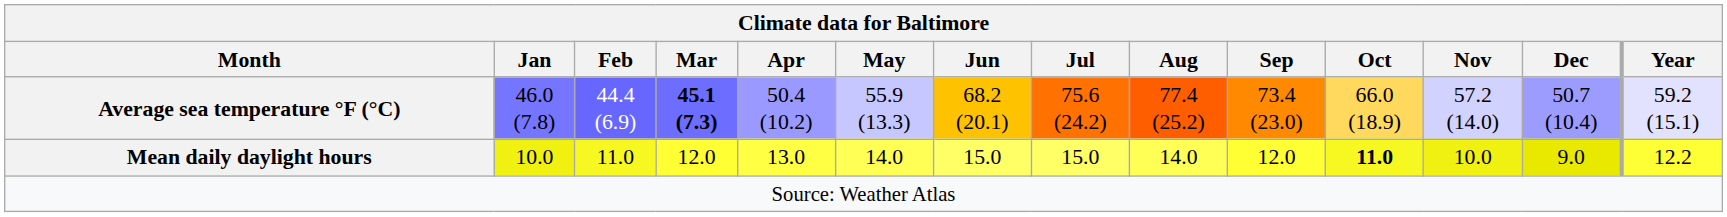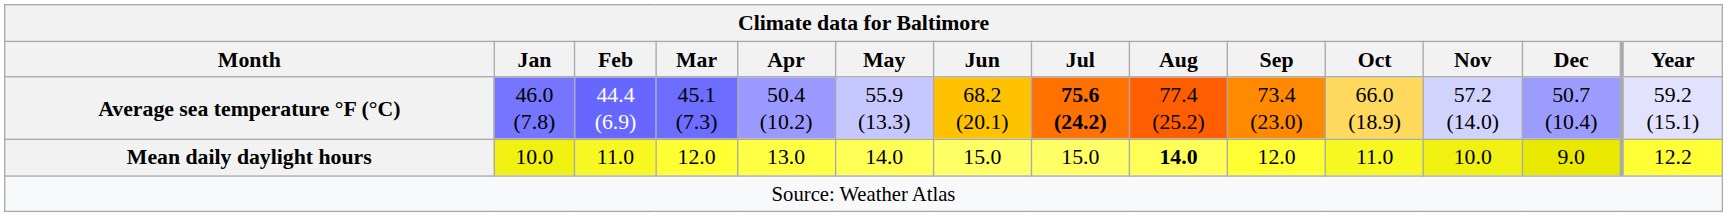 <table style="width:100%;text-align:center;line-height:1.2em;margin-left:auto;margin-right:auto" class="wikitable mw-collapsible mw-collapsed">
 <tr>
 <th Colspan=14>Climate data for Baltimore</th>
 </tr>
 <tr>
 <th>Month</th>
 <th>Jan</th>
 <th>Feb</th>
 <th>Mar</th>
 <th>Apr</th>
 <th>May</th>
 <th>Jun</th>
 <th>Jul</th>
 <th>Aug</th>
 <th>Sep</th>
 <th>Oct</th>
 <th>Nov</th>
 <th>Dec</th>
 <th style="border-left-width:medium">Year</th>
 </tr>
 <tr>
 <th>Average sea temperature °F (°C)</th>
 <td style="background:#7575FF;color:#000000;">46.0<br>(7.8)</td>
 <td style="background:#6767FF;color:#FFFFFF;">44.4<br>(6.9)</td>
-<td style="background:#6D6DFF;color:#000000;"><strong>45.1<br>(7.3)</strong></td>
+<td style="background:#6D6DFF;color:#000000;">45.1<br>(7.3)</td>
 <td style="background:#9999FF;color:#000000;">50.4<br>(10.2)</td>
 <td style="background:#C7C7FF;color:#000000;">55.9<br>(13.3)</td>
 <td style="background:#FFC200;color:#000000;">68.2<br>(20.1)</td>
-<td style="background:#FF7100;color:#000000;">75.6<br>(24.2)</td>
+<td style="background:#FF7100;color:#000000;"><strong>75.6<br>(24.2)</strong></td>
 <td style="background:#FF5E00;color:#000000;">77.4<br>(25.2)</td>
 <td style="background:#FF8900;color:#000000;">73.4<br>(23.0)</td>
 <td style="background:#FFD95D;color:#000000;">66.0<br>(18.9)</td>
 <td style="background:#D2D2FF;color:#000000;">57.2<br>(14.0)</td>
 <td style="background:#9C9CFF;color:#000000;">50.7<br>(10.4)</td>
 <td style="background:#E2E2FF;color:#000000;border-left-width:medium">59.2<br>(15.1)</td>
 </tr>
 <tr>
 <th>Mean daily daylight hours</th>
 <td style="background:#F0F011;color:#000000;">10.0</td>
 <td style="background:#F7F722;color:#000000;">11.0</td>
 <td style="background:#FFFF33;color:#000000;">12.0</td>
 <td style="background:#FFFF44;color:#000000;">13.0</td>
 <td style="background:#FFFF55;color:#000000;">14.0</td>
 <td style="background:#FFFF66;color:#000000;">15.0</td>
 <td style="background:#FFFF66;color:#000000;">15.0</td>
-<td style="background:#FFFF55;color:#000000;">14.0</td>
+<td style="background:#FFFF55;color:#000000;"><strong>14.0</strong></td>
 <td style="background:#FFFF33;color:#000000;">12.0</td>
-<td style="background:#F7F722;color:#000000;"><strong>11.0</strong></td>
+<td style="background:#F7F722;color:#000000;">11.0</td>
 <td style="background:#F0F011;color:#000000;">10.0</td>
 <td style="background:#E9E900;color:#000000;">9.0</td>
 <td style="background:#FFFF35;color:#000000;border-left-width:medium">12.2</td>
 </tr>
 <tr>
 <th Colspan=14 style="background:#f8f9fa;font-weight:normal;font-size:95%;">Source: Weather Atlas</th>
 </tr>
 </table>
